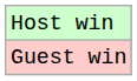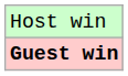 <table class="wikitable">
 <tr bgcolor="ccffcc">
 <td>Host win</td>
 </tr>
 <tr bgcolor="ffcccc">
-<td>Guest win</td>
+<td><strong>Guest win</strong></td>
 </tr>
 </table>
